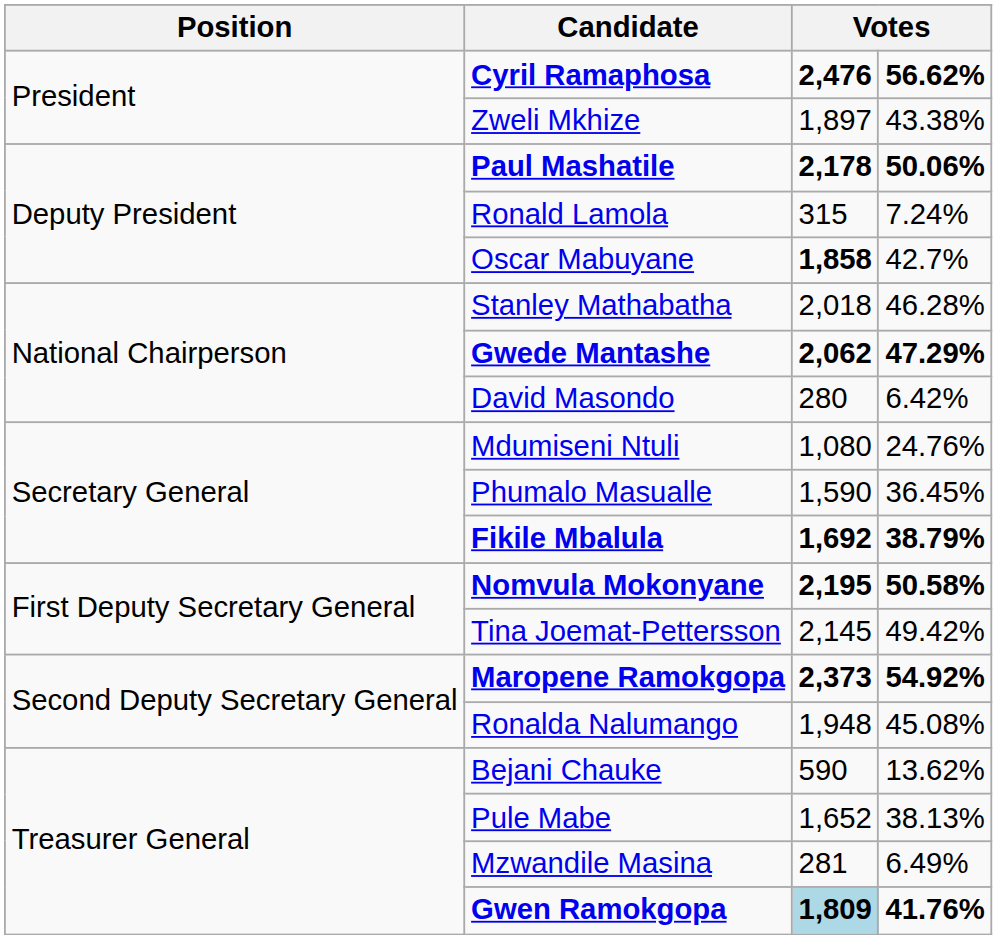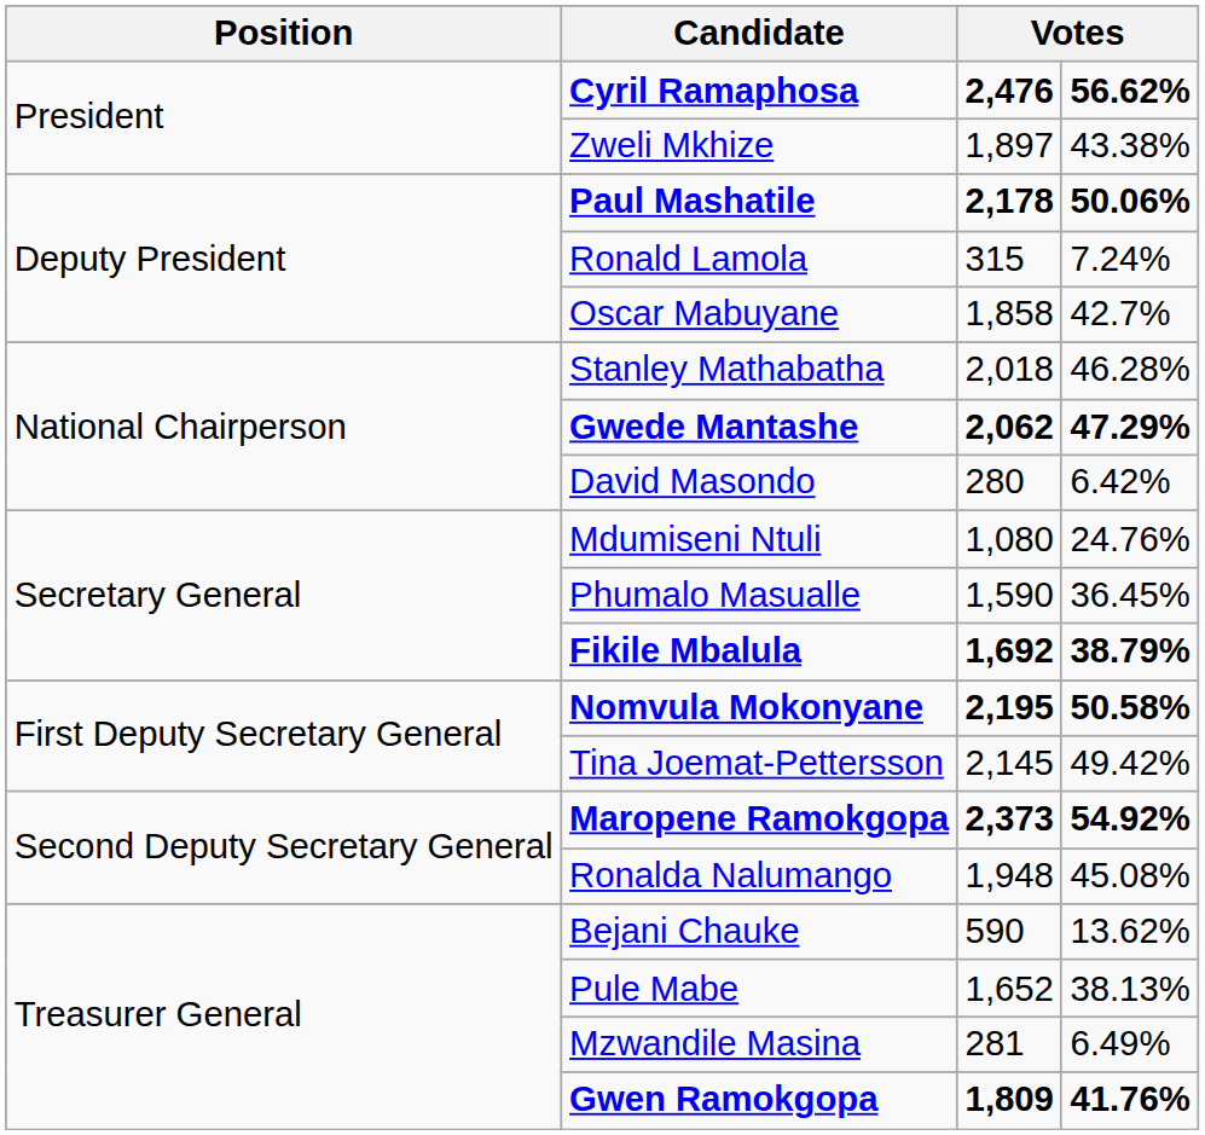 <table class="wikitable">
 <tr>
 <th>Position</th>
 <th>Candidate</th>
 <th colspan="2">Votes</th>
 </tr>
 <tr>
 <td rowspan="2">President</td>
 <td><strong><a href='#'>Cyril Ramaphosa</a></strong></td>
 <td><strong>2,476</strong></td>
 <td><strong>56.62%</strong></td>
 </tr>
 <tr>
 <td><a href='#'>Zweli Mkhize</a></td>
 <td>1,897</td>
 <td>43.38%</td>
 </tr>
 <tr>
 <td rowspan="3">Deputy President</td>
 <td><strong><a href='#'>Paul Mashatile</a></strong></td>
 <td><strong>2,178</strong></td>
 <td><strong>50.06%</strong></td>
 </tr>
 <tr>
 <td><a href='#'>Ronald Lamola</a></td>
 <td>315</td>
 <td>7.24%</td>
 </tr>
 <tr>
 <td><a href='#'>Oscar Mabuyane</a></td>
-<td><strong>1,858</strong></td>
+<td>1,858</td>
 <td>42.7%</td>
 </tr>
 <tr>
 <td rowspan="3">National Chairperson</td>
 <td><a href='#'>Stanley Mathabatha</a></td>
 <td>2,018</td>
 <td>46.28%</td>
 </tr>
 <tr>
 <td><strong><a href='#'>Gwede Mantashe</a></strong></td>
 <td><strong>2,062</strong></td>
 <td><strong>47.29%</strong></td>
 </tr>
 <tr>
 <td><a href='#'>David Masondo</a></td>
 <td>280</td>
 <td>6.42%</td>
 </tr>
 <tr>
 <td rowspan="3">Secretary General</td>
 <td><a href='#'>Mdumiseni Ntuli</a></td>
 <td>1,080</td>
 <td>24.76%</td>
 </tr>
 <tr>
 <td><a href='#'>Phumalo Masualle</a></td>
 <td>1,590</td>
 <td>36.45%</td>
 </tr>
 <tr>
 <td><strong><a href='#'>Fikile Mbalula</a></strong></td>
 <td><strong>1,692</strong></td>
 <td><strong>38.79%</strong></td>
 </tr>
 <tr>
 <td rowspan="2">First Deputy Secretary General</td>
 <td><strong><a href='#'>Nomvula Mokonyane</a></strong></td>
 <td><strong>2,195</strong></td>
 <td><strong>50.58%</strong></td>
 </tr>
 <tr>
 <td><a href='#'>Tina Joemat-Pettersson</a></td>
 <td>2,145</td>
 <td>49.42%</td>
 </tr>
 <tr>
 <td rowspan="2">Second Deputy Secretary General</td>
 <td><strong><a href='#'>Maropene Ramokgopa</a></strong></td>
 <td><strong>2,373</strong></td>
 <td><strong>54.92%</strong></td>
 </tr>
 <tr>
 <td><a href='#'>Ronalda Nalumango</a></td>
 <td>1,948</td>
 <td>45.08%</td>
 </tr>
 <tr>
 <td rowspan="4">Treasurer General</td>
 <td><a href='#'>Bejani Chauke</a></td>
 <td>590</td>
 <td>13.62%</td>
 </tr>
 <tr>
 <td><a href='#'>Pule Mabe</a></td>
 <td>1,652</td>
 <td>38.13%</td>
 </tr>
 <tr>
 <td><a href='#'>Mzwandile Masina</a></td>
 <td>281</td>
 <td>6.49%</td>
 </tr>
 <tr>
 <td><strong><a href='#'>Gwen Ramokgopa</a></strong></td>
-<td style="background: lightblue;"><strong>1,809</strong></td>
+<td><strong>1,809</strong></td>
 <td><strong>41.76%</strong></td>
 </tr>
 </table>
